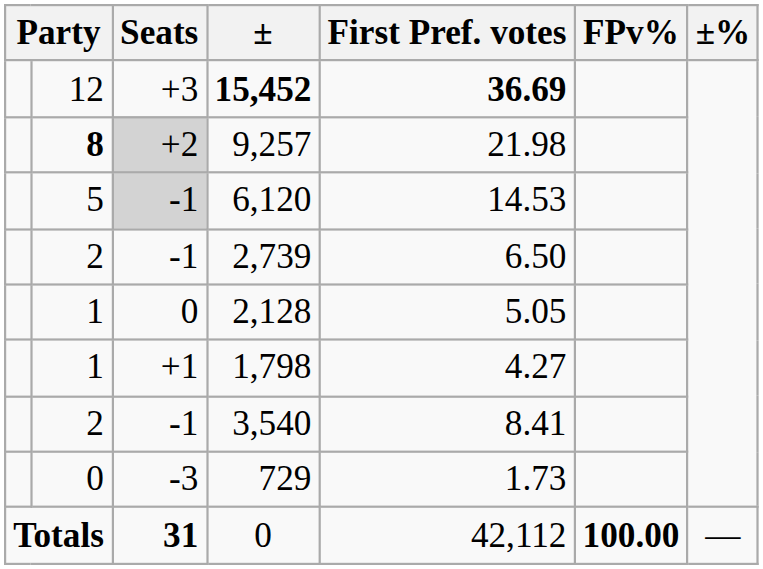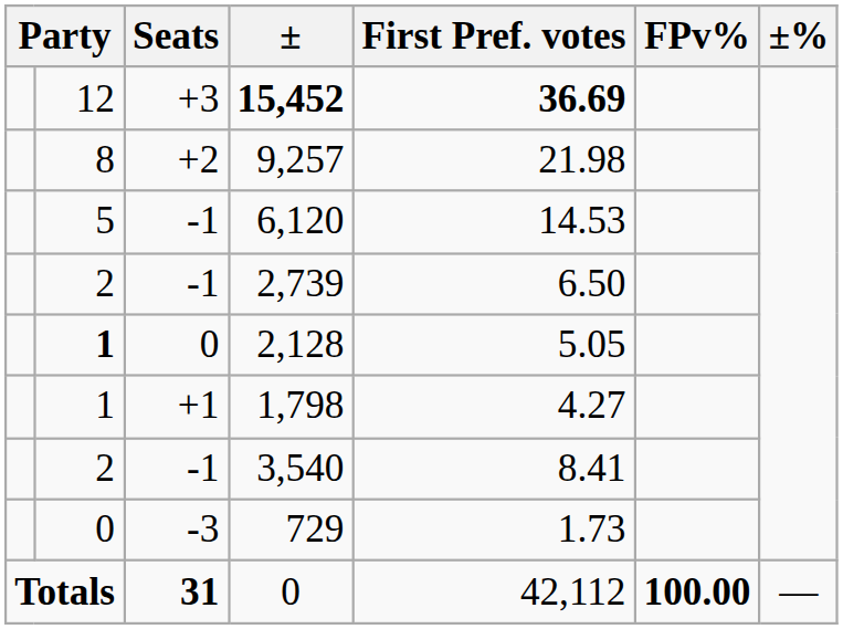 <table class=wikitable>
 <tr>
 <th colspan=2 align=center>Party</th>
 <th valign=top>Seats</th>
 <th valign=top>±</th>
 <th valign=top>First Pref. votes</th>
 <th valign=top>FPv%</th>
 <th valign=top>±%</th>
 </tr>
 <tr>
 <td></td>
 <td align=right>12</td>
 <td align=right>+3</td>
 <td align=right><strong>15,452</strong></td>
 <td align=right><strong>36.69</strong></td>
 <td align=right></td>
 </tr>
 <tr>
 <td></td>
-<td align=right><strong>8</strong></td>
-<td align=right style="background: lightgrey;">+2</td>
+<td align=right>8</td>
+<td align=right>+2</td>
 <td align=right>9,257</td>
 <td align=right>21.98</td>
 <td align=right></td>
 </tr>
 <tr>
 <td></td>
 <td align=right>5</td>
-<td align=right style="background: lightgrey;">-1</td>
+<td align=right>-1</td>
 <td align=right>6,120</td>
 <td align=right>14.53</td>
 <td align=right></td>
 </tr>
 <tr>
 <td></td>
 <td align=right>2</td>
 <td align=right>-1</td>
 <td align=right>2,739</td>
 <td align=right>6.50</td>
 <td align=right></td>
 </tr>
 <tr>
 <td></td>
-<td align=right>1</td>
+<td align=right><strong>1</strong></td>
 <td align=right>0</td>
 <td align=right>2,128</td>
 <td align=right>5.05</td>
 <td align=right></td>
 </tr>
 <tr>
 <td></td>
 <td align=right>1</td>
 <td align=right>+1</td>
 <td align=right>1,798</td>
 <td align=right>4.27</td>
 <td align=right></td>
 </tr>
 <tr>
 <td></td>
 <td align=right>2</td>
 <td align=right>-1</td>
 <td align=right>3,540</td>
 <td align=right>8.41</td>
 <td align=right></td>
 </tr>
 <tr>
 <td></td>
 <td align=right>0</td>
 <td align=right>-3</td>
 <td align=right>729</td>
 <td align=right>1.73</td>
 <td align=right></td>
 </tr>
 <tr>
 <td colspan=2 align=center><strong>Totals</strong></td>
 <td align=right><strong>31</strong></td>
 <td align=center>0</td>
 <td align=right>42,112</td>
 <td align=center><strong>100.00</strong></td>
 <td align=center>—</td>
 </tr>
 </table>
